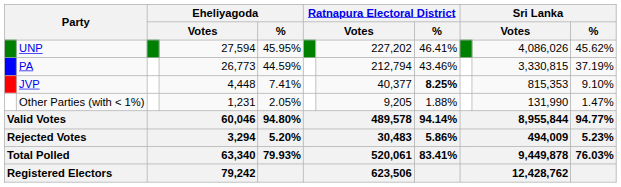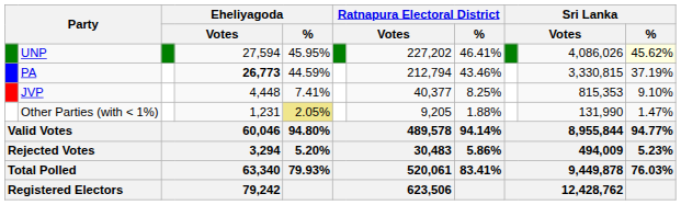 <table class="wikitable">
 <tr>
 <th colspan="2" width="144px"rowspan="2">Party</th>
 <th colspan="3" width="216px">Eheliyagoda</th>
 <th colspan="3" width="216px"><a href='#'>Ratnapura Electoral District</a></th>
 <th colspan="3" width="216px">Sri Lanka</th>
 </tr>
 <tr>
 <th colspan="2" width="144px">Votes</th>
 <th>%</th>
 <th colspan="2" width="144px">Votes</th>
 <th>%</th>
 <th colspan="2" width="144px">Votes</th>
 <th>%</th>
 </tr>
 <tr>
 <td style="background-color:green;" width="10px"></td>
 <td style="text-align:left;"><a href='#'>UNP</a></td>
 <td style="background-color:green;" width="10px"></td>
 <td style="text-align:right;">27,594</td>
 <td style="text-align:right;">45.95%</td>
 <td style="background-color:green;" width="10px"></td>
 <td style="text-align:right;">227,202</td>
 <td style="text-align:right;">46.41%</td>
 <td style="background-color:green;" width="10px"></td>
 <td style="text-align:right;">4,086,026</td>
-<td style="text-align:right;">45.62%</td>
+<td style="background: lightyellow; text-align:right;">45.62%</td>
 </tr>
 <tr>
 <td style="background-color:blue;" width="10px"></td>
 <td style="text-align:left;"><a href='#'>PA</a></td>
 <td style="background-color:white;" width="10px"></td>
-<td style="text-align:right;">26,773</td>
+<td style="text-align:right;"><strong>26,773</strong></td>
 <td style="text-align:right;">44.59%</td>
 <td style="background-color:white;" width="10px"></td>
 <td style="text-align:right;">212,794</td>
 <td style="text-align:right;">43.46%</td>
 <td style="background-color:white;" width="10px"></td>
 <td style="text-align:right;">3,330,815</td>
 <td style="text-align:right;">37.19%</td>
 </tr>
 <tr>
 <td style="background-color:red;" width="10px"></td>
 <td style="text-align:left;"><a href='#'>JVP</a></td>
 <td style="background-color:white;" width="10px"></td>
 <td style="text-align:right;">4,448</td>
 <td style="text-align:right;">7.41%</td>
 <td style="background-color:white;" width="10px"></td>
 <td style="text-align:right;">40,377</td>
-<td style="text-align:right;"><strong>8.25%</strong></td>
+<td style="text-align:right;">8.25%</td>
 <td style="background-color:white;" width="10px"></td>
 <td style="text-align:right;">815,353</td>
 <td style="text-align:right;">9.10%</td>
 </tr>
 <tr>
 <td style="background-color:white;" width="10px"></td>
 <td style="text-align:left;">Other Parties (with < 1%)</td>
 <td style="background-color:white;" width="10px"></td>
 <td style="text-align:right;">1,231</td>
-<td style="text-align:right;">2.05%</td>
+<td style="background: khaki; text-align:right;">2.05%</td>
 <td style="background-color:white;" width="10px"></td>
 <td style="text-align:right;">9,205</td>
 <td style="text-align:right;">1.88%</td>
 <td style="background-color:white;" width="10px"></td>
 <td style="text-align:right;">131,990</td>
 <td style="text-align:right;">1.47%</td>
 </tr>
 <tr>
 <th colspan="2" width="144px"style="text-align:left;">Valid Votes</th>
 <th style="text-align:right;"colspan="2" width="144px">60,046</th>
 <th style="text-align:right;">94.80%</th>
 <th style="text-align:right;"colspan="2" width="144px">489,578</th>
 <th style="text-align:right;">94.14%</th>
 <th style="text-align:right;"colspan="2" width="144px">8,955,844</th>
 <th style="text-align:right;">94.77%</th>
 </tr>
 <tr>
 <th colspan="2" width="144px"style="text-align:left;">Rejected Votes</th>
 <th style="text-align:right;"colspan="2" width="144px">3,294</th>
 <th style="text-align:right;">5.20%</th>
 <th style="text-align:right;"colspan="2" width="144px">30,483</th>
 <th style="text-align:right;">5.86%</th>
 <th style="text-align:right;"colspan="2" width="144px">494,009</th>
 <th style="text-align:right;">5.23%</th>
 </tr>
 <tr>
 <th colspan="2" width="144px"style="text-align:left;">Total Polled</th>
 <th style="text-align:right;"colspan="2" width="144px">63,340</th>
 <th style="text-align:right;">79.93%</th>
 <th style="text-align:right;"colspan="2" width="144px">520,061</th>
 <th style="text-align:right;">83.41%</th>
 <th style="text-align:right;"colspan="2" width="144px">9,449,878</th>
 <th style="text-align:right;">76.03%</th>
 </tr>
 <tr>
 <th colspan="2" width="144px"style="text-align:left;">Registered Electors</th>
 <th style="text-align:right;"colspan="2" width="144px">79,242</th>
 <th></th>
 <th style="text-align:right;"colspan="2" width="144px">623,506</th>
 <th></th>
 <th style="text-align:right;"colspan="2" width="144px">12,428,762</th>
 <th></th>
 </tr>
 </table>
